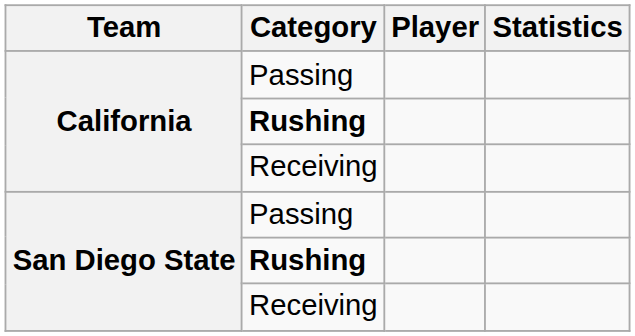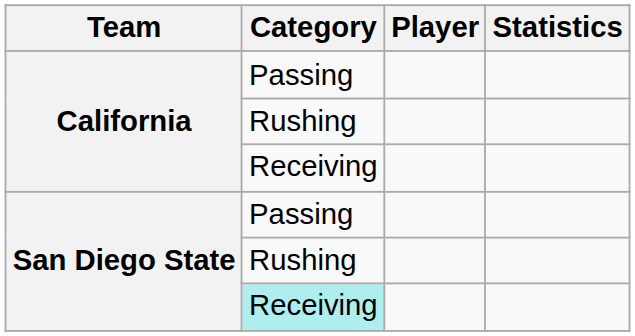 <table class="wikitable" style="float:right">
 <tr>
 <th>Team</th>
 <th>Category</th>
 <th>Player</th>
 <th>Statistics</th>
 </tr>
 <tr>
 <th rowspan=3>California</th>
 <td>Passing</td>
 <td></td>
 <td></td>
 </tr>
 <tr>
-<td><strong>Rushing</strong></td>
+<td>Rushing</td>
 <td></td>
 <td></td>
 </tr>
 <tr>
 <td>Receiving</td>
 <td></td>
 <td></td>
 </tr>
 <tr>
 <th rowspan=3>San Diego State</th>
 <td>Passing</td>
 <td></td>
 <td></td>
 </tr>
 <tr>
-<td><strong>Rushing</strong></td>
+<td>Rushing</td>
 <td></td>
 <td></td>
 </tr>
 <tr>
-<td>Receiving</td>
+<td style="background: paleturquoise;">Receiving</td>
 <td></td>
 <td></td>
 </tr>
 </table>
